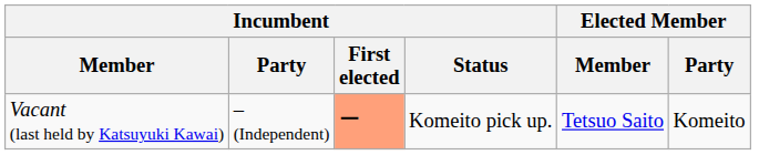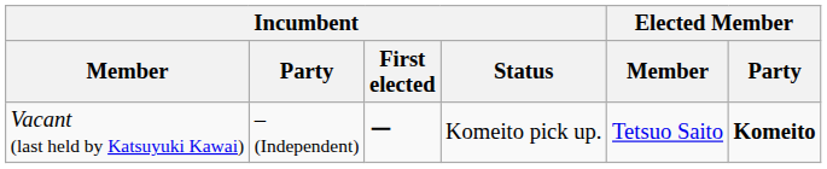 <table class="wikitable sortable">
 <tr>
 <th colspan=4>Incumbent</th>
 <th colspan=2>Elected Member</th>
 </tr>
 <tr>
 <th>Member</th>
 <th>Party</th>
 <th>First<br>elected</th>
 <th>Status</th>
 <th>Member</th>
 <th>Party</th>
 </tr>
 <tr>
 <td><em>Vacant</em><br><small>(last held by <a href='#'>Katsuyuki Kawai</a>)</small></td>
 <td>–<br><small>(Independent)</small></td>
-<td style="background: lightsalmon;">ー</td>
+<td>ー</td>
 <td>Komeito pick up.</td>
 <td><a href='#'>Tetsuo Saito</a></td>
-<td>Komeito</td>
+<td><strong>Komeito</strong></td>
 </tr>
 </table>
